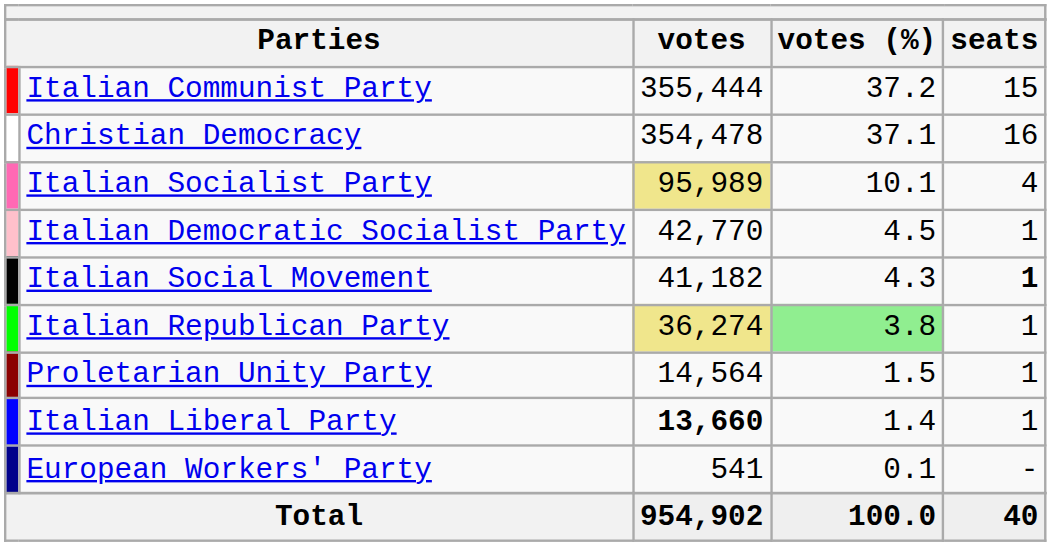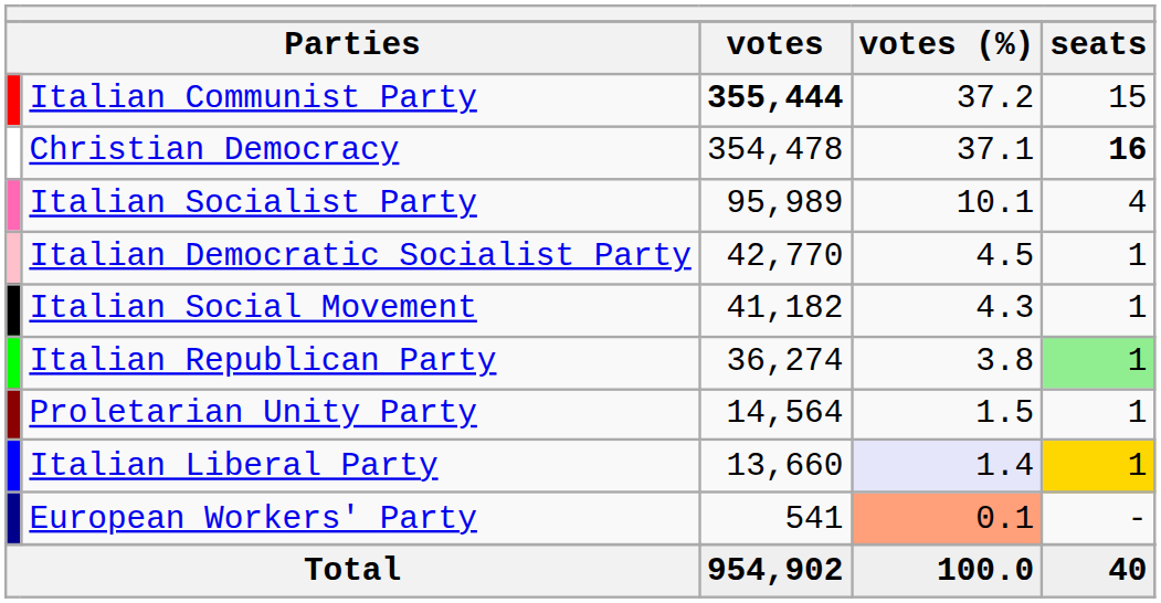 <table class="wikitable" style="font-size:95%">
 <tr>
 <th colspan=5></th>
 </tr>
 <tr>
 </tr>
 <tr bgcolor="EFEFEF">
 <th colspan=2>Parties</th>
 <th>votes</th>
 <th>votes (%)</th>
 <th>seats</th>
 </tr>
 <tr>
 <td bgcolor=Red></td>
 <td><a href='#'>Italian Communist Party</a></td>
-<td align=right>355,444</td>
+<td align=right><strong>355,444</strong></td>
 <td align=right>37.2</td>
 <td align=right>15</td>
 </tr>
 <tr>
 <td bgcolor=White></td>
 <td><a href='#'>Christian Democracy</a></td>
 <td align=right>354,478</td>
 <td align=right>37.1</td>
-<td align=right>16</td>
+<td align=right><strong>16</strong></td>
 </tr>
 <tr>
 <td bgcolor=Hotpink></td>
 <td><a href='#'>Italian Socialist Party</a></td>
-<td align=right style="background: khaki;">95,989</td>
+<td align=right>95,989</td>
 <td align=right>10.1</td>
 <td align=right>4</td>
 </tr>
 <tr>
 <td bgcolor=Pink></td>
 <td><a href='#'>Italian Democratic Socialist Party</a></td>
 <td align=right>42,770</td>
 <td align=right>4.5</td>
 <td align=right>1</td>
 </tr>
 <tr>
 <td bgcolor=Black></td>
 <td><a href='#'>Italian Social Movement</a></td>
 <td align=right>41,182</td>
 <td align=right>4.3</td>
-<td align=right><strong>1</strong></td>
+<td align=right>1</td>
 </tr>
 <tr>
 <td bgcolor=Lime></td>
 <td><a href='#'>Italian Republican Party</a></td>
-<td align=right style="background: khaki;">36,274</td>
-<td align=right style="background: lightgreen;">3.8</td>
-<td align=right>1</td>
+<td align=right>36,274</td>
+<td align=right>3.8</td>
+<td align=right style="background: lightgreen;">1</td>
 </tr>
 <tr>
 <td bgcolor=Darkred></td>
 <td><a href='#'>Proletarian Unity Party</a></td>
 <td align=right>14,564</td>
 <td align=right>1.5</td>
 <td align=right>1</td>
 </tr>
 <tr>
 <td bgcolor=Blue></td>
 <td><a href='#'>Italian Liberal Party</a></td>
-<td align=right><strong>13,660</strong></td>
-<td align=right>1.4</td>
-<td align=right>1</td>
+<td align=right>13,660</td>
+<td align=right style="background: lavender;">1.4</td>
+<td align=right style="background: gold;">1</td>
 </tr>
 <tr>
 <td bgcolor=Darkblue></td>
 <td><a href='#'>European Workers' Party</a></td>
 <td align=right>541</td>
-<td align=right>0.1</td>
+<td align=right style="background: lightsalmon;">0.1</td>
 <td align=right>-</td>
 </tr>
 <tr>
 </tr>
 <tr bgcolor="EFEFEF">
 <th colspan=2><strong>Total</strong></th>
 <td align=right><strong>954,902</strong></td>
 <td align=right><strong>100.0</strong></td>
 <td align=right><strong>40</strong></td>
 </tr>
 </table>
